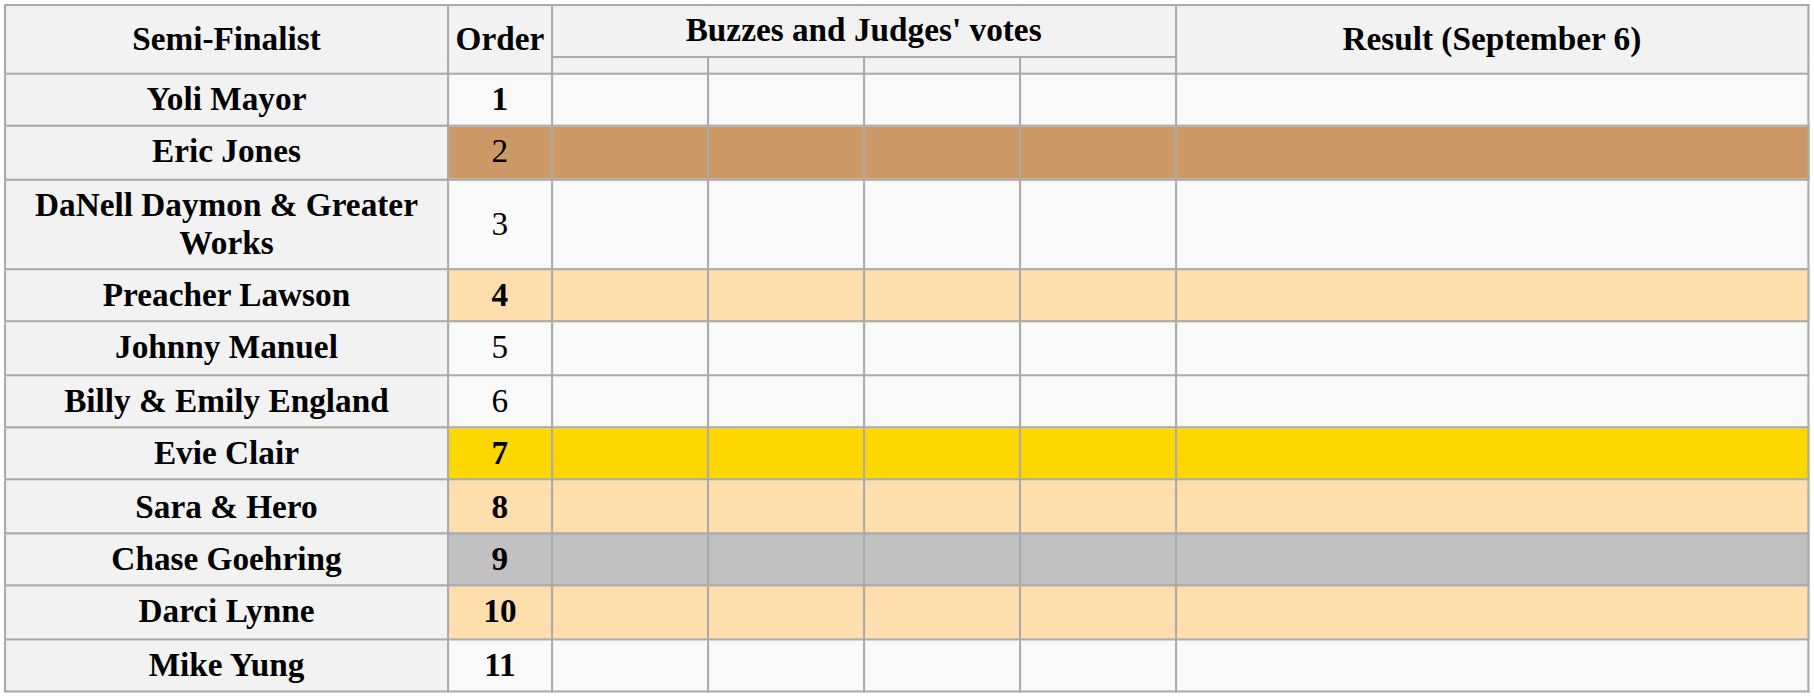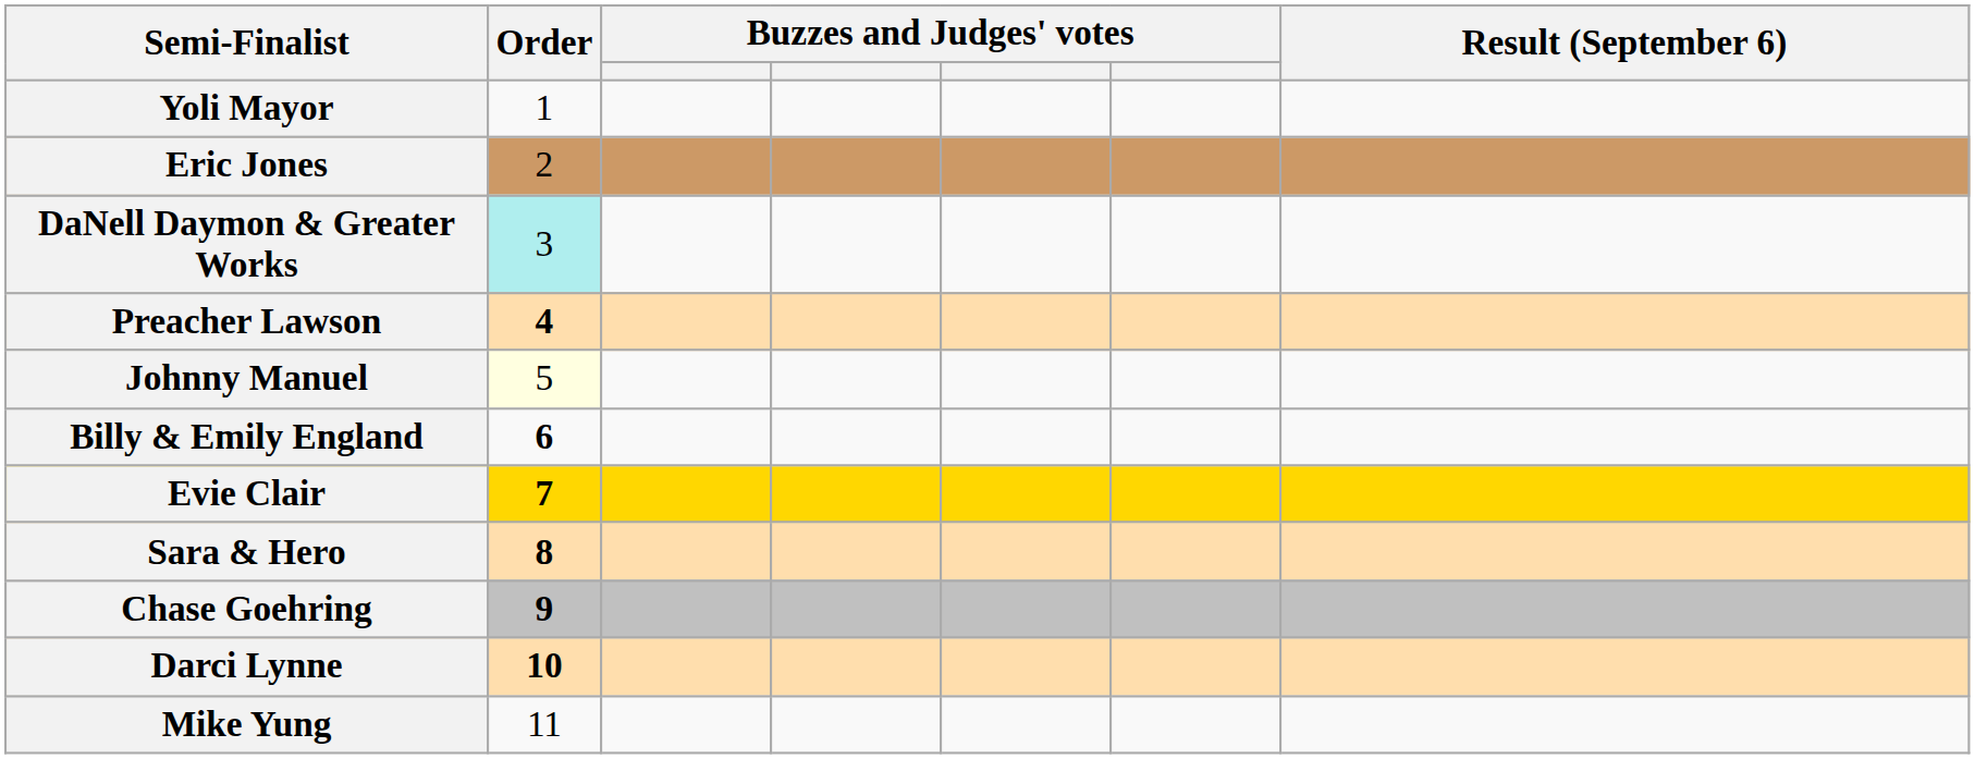 <table class="wikitable plainrowheaders sortable" style="text-align:center;">
 <tr>
 <th scope="col" rowspan="2" class="unsortable" style="width:17em;">Semi-Finalist</th>
 <th scope="col" rowspan="2" style="width:1em;">Order</th>
 <th scope="col" colspan="4" class="unsortable" style="width:24em;">Buzzes and Judges' votes</th>
 <th scope="col" rowspan="2" style="width:25em;">Result (September 6)</th>
 </tr>
 <tr>
 <th scope="col" class="unsortable" style="width:6em;"></th>
 <th scope="col" class="unsortable" style="width:6em;"></th>
 <th scope="col" class="unsortable" style="width:6em;"></th>
 <th scope="col" class="unsortable" style="width:6em;"></th>
 </tr>
 <tr>
 <th scope="row">Yoli Mayor</th>
-<td><strong>1</strong></td>
+<td>1</td>
 <td style="text-align:center;"></td>
 <td style="text-align:center;"></td>
 <td style="text-align:center;"></td>
 <td style="text-align:center;"></td>
 <td></td>
 </tr>
 <tr style="background:#c96;">
 <th scope="row">Eric Jones</th>
 <td>2</td>
 <td style="text-align:center;"></td>
 <td style="text-align:center;"></td>
 <td style="text-align:center;"></td>
 <td style="text-align:center;"></td>
 <td></td>
 </tr>
 <tr>
 <th scope="row">DaNell Daymon & Greater Works</th>
-<td>3</td>
+<td style="background: paleturquoise;">3</td>
 <td style="text-align:center;"></td>
 <td style="text-align:center;"></td>
 <td style="text-align:center;"></td>
 <td style="text-align:center;"></td>
 <td></td>
 </tr>
 <tr style="background:NavajoWhite;">
 <th scope="row"><strong>Preacher Lawson</strong></th>
 <td><strong>4</strong></td>
 <td style="text-align:center;"></td>
 <td style="text-align:center;"></td>
 <td style="text-align:center;"></td>
 <td style="text-align:center;"></td>
 <td><strong></strong></td>
 </tr>
 <tr>
 <th scope="row">Johnny Manuel</th>
-<td>5</td>
+<td style="background: lightyellow;">5</td>
 <td style="text-align:center;"></td>
 <td style="text-align:center;"></td>
 <td style="text-align:center;"></td>
 <td style="text-align:center;"></td>
 <td></td>
 </tr>
 <tr>
 <th scope="row">Billy & Emily England</th>
-<td>6</td>
+<td><strong>6</strong></td>
 <td style="text-align:center;"></td>
 <td style="text-align:center;"></td>
 <td style="text-align:center;"></td>
 <td style="text-align:center;"></td>
 <td></td>
 </tr>
 <tr style="background:gold;">
 <th scope="row"><strong>Evie Clair</strong></th>
 <td><strong>7</strong></td>
 <td style="text-align:center;"></td>
 <td style="text-align:center;"></td>
 <td style="text-align:center;"></td>
 <td style="text-align:center;"></td>
 <td><strong></strong></td>
 </tr>
 <tr style="background:NavajoWhite;">
 <th scope="row"><strong>Sara & Hero</strong></th>
 <td><strong>8</strong></td>
 <td style="text-align:center;"></td>
 <td style="text-align:center;"></td>
 <td style="text-align:center;"></td>
 <td style="text-align:center;"></td>
 <td><strong></strong></td>
 </tr>
 <tr style="background:silver;">
 <th scope="row"><strong>Chase Goehring</strong></th>
 <td><strong>9</strong></td>
 <td style="text-align:center;"></td>
 <td style="text-align:center;"></td>
 <td style="text-align:center;"></td>
 <td style="text-align:center;"></td>
 <td><strong></strong></td>
 </tr>
 <tr style="background:NavajoWhite;">
 <th scope="row"><strong>Darci Lynne</strong></th>
 <td><strong>10</strong></td>
 <td style="text-align:center;"></td>
 <td style="text-align:center;"></td>
 <td style="text-align:center;"></td>
 <td style="text-align:center;"></td>
 <td><strong></strong></td>
 </tr>
 <tr>
 <th scope="row">Mike Yung</th>
-<td><strong>11</strong></td>
+<td>11</td>
 <td style="text-align:center;"></td>
 <td style="text-align:center;"></td>
 <td style="text-align:center;"></td>
 <td style="text-align:center;"></td>
 <td></td>
 </tr>
 </table>
